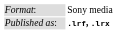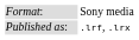 <table style="text-align:left;">
 <tr>
 <td style="background:#ddd; width:100px;"><em>Format</em>:</td>
 <td>Sony media</td>
 </tr>
 <tr>
 <td style="background:#ddd;"><em>Published as</em>:</td>
-<td><strong><code>.lrf</code>, <code>.lrx</code></strong></td>
+<td><code>.lrf</code>, <code>.lrx</code></td>
 </tr>
 </table>
